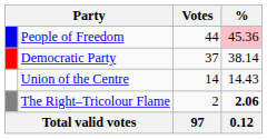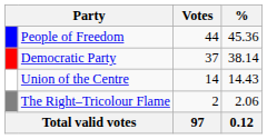 <table class="wikitable">
 <tr>
 <th colspan="2" style="width: 130px">Party</th>
 <th style="width: 50px">Votes</th>
 <th style="width: 40px">%</th>
 </tr>
 <tr>
 <td style="background-color:blue">  </td>
 <td style="text-align: left"><a href='#'>People of Freedom</a></td>
 <td style="text-align: right">44</td>
-<td style="background: pink; text-align: right">45.36</td>
+<td style="text-align: right">45.36</td>
 </tr>
 <tr>
 <td style="background-color:red">  </td>
 <td style="text-align: left"><a href='#'>Democratic Party</a></td>
 <td style="text-align: right">37</td>
 <td style="text-align: right">38.14</td>
 </tr>
 <tr>
 <td style="background-color:white">  </td>
 <td style="text-align: left"><a href='#'>Union of the Centre</a></td>
 <td align="right">14</td>
 <td align="right">14.43</td>
 </tr>
 <tr>
 <td style="background-color:grey">  </td>
 <td style="text-align: left"><a href='#'>The Right–Tricolour Flame</a></td>
 <td align="right">2</td>
-<td align="right"><strong>2.06</strong></td>
+<td align="right">2.06</td>
 </tr>
 <tr bgcolor="white">
 <th align="right" colspan=2>Total valid votes</th>
 <th align="right">97</th>
 <th align="right">0.12</th>
 </tr>
 </table>
